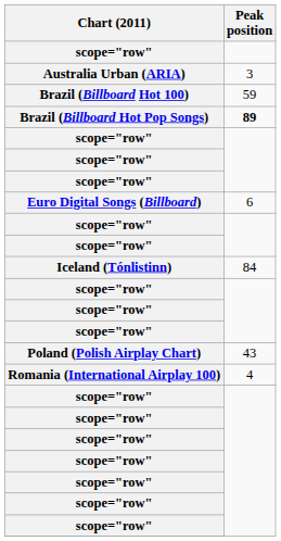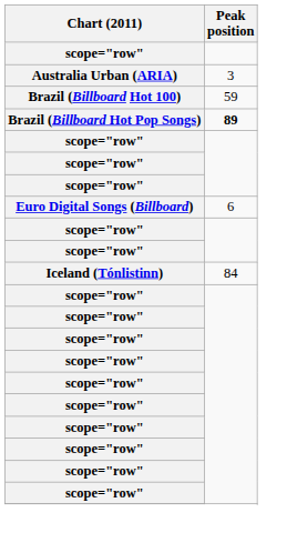 <table class="wikitable sortable plainrowheaders" style="text-align:center;">
 <tr>
 <th align="left">Chart (2011)</th>
 <th align="left">Peak<br>position</th>
 </tr>
 <tr>
 <th>scope="row" </th>
 </tr>
 <tr>
 <th scope="row">Australia Urban (<a href='#'>ARIA</a>)</th>
 <td style="text-align:center;">3</td>
 </tr>
 <tr>
 <th scope="row">Brazil (<em><a href='#'>Billboard</a></em> <a href='#'>Hot 100</a>)</th>
 <td style="text-align:center;">59</td>
 </tr>
 <tr>
 <th scope="row">Brazil (<a href='#'><em>Billboard</em> Hot Pop Songs</a>)</th>
 <td style="text-align:center;"><strong>89</strong></td>
 </tr>
 <tr>
 <th>scope="row"</th>
 </tr>
 <tr>
 <th>scope="row" </th>
 </tr>
 <tr>
 <th>scope="row" </th>
 </tr>
 <tr>
 <th scope="row"><a href='#'>Euro Digital Songs</a> (<em><a href='#'>Billboard</a></em>)</th>
 <td style="text-align:center;">6</td>
 </tr>
 <tr>
 <th>scope="row" </th>
 </tr>
 <tr>
 <th>scope="row" </th>
 </tr>
 <tr>
 <th scope="row">Iceland (<a href='#'>Tónlistinn</a>)</th>
 <td style="text-align:center;">84</td>
 </tr>
 <tr>
 <th>scope="row" </th>
 </tr>
 <tr>
 <th>scope="row" </th>
 </tr>
 <tr>
 <th>scope="row" </th>
 </tr>
 <tr>
-<th scope="row">Poland (<a href='#'>Polish Airplay Chart</a>)</th>
-<td style="text-align:center;">43</td>
-</tr>
-<tr>
-<th scope="row">Romania (<a href='#'>International Airplay 100</a>)</th>
-<td style="text-align:center;">4</td>
-</tr>
-<tr>
 <th>scope="row" </th>
 </tr>
 <tr>
 <th>scope="row" </th>
 </tr>
 <tr>
 <th>scope="row" </th>
 </tr>
 <tr>
 <th>scope="row"</th>
 </tr>
 <tr>
 <th>scope="row"</th>
 </tr>
 <tr>
 <th>scope="row"</th>
 </tr>
 <tr>
 <th>scope="row"</th>
 </tr>
 <tr>
 </tr>
 </table>
